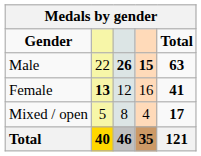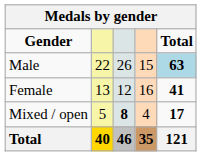 <table class="wikitable" style="font-size:85%;float:right;text-align:center">
 <tr style="background:#efefef;">
 <th colspan=7>Medals by gender</th>
 </tr>
 <tr>
 <td><strong>Gender</strong></td>
 <td bgcolor=#f7f6a8></td>
 <td bgcolor=#dce5e5></td>
 <td bgcolor=#ffdab9></td>
 <td><strong>Total</strong></td>
 </tr>
 <tr>
 <td style="text-align:left;">Male</td>
 <td style="background:#F7F6A8;">22</td>
-<td style="background:#DCE5E5;"><strong>26</strong></td>
-<td style="background:#FFDAB9;"><strong>15</strong></td>
-<td><strong>63</strong></td>
+<td style="background:#DCE5E5;">26</td>
+<td style="background:#FFDAB9;">15</td>
+<td style="background: lightblue;"><strong>63</strong></td>
 </tr>
 <tr>
 <td style="text-align:left;">Female</td>
-<td style="background:#F7F6A8;"><strong>13</strong></td>
+<td style="background:#F7F6A8;">13</td>
 <td style="background:#DCE5E5;">12</td>
 <td style="background:#FFDAB9;">16</td>
 <td><strong>41</strong></td>
 </tr>
 <tr>
 <td style="text-align:left;">Mixed / open</td>
 <td style="background:#F7F6A8;">5</td>
-<td style="background:#DCE5E5;">8</td>
+<td style="background:#DCE5E5;"><strong>8</strong></td>
 <td style="background:#FFDAB9;">4</td>
 <td><strong>17</strong></td>
 </tr>
 <tr>
 <th style="text-align:left;">Total</th>
 <th style="background:gold;">40</th>
 <th style="background:silver;">46</th>
 <th style="background:#c96;">35</th>
 <th>121</th>
 </tr>
 </table>
